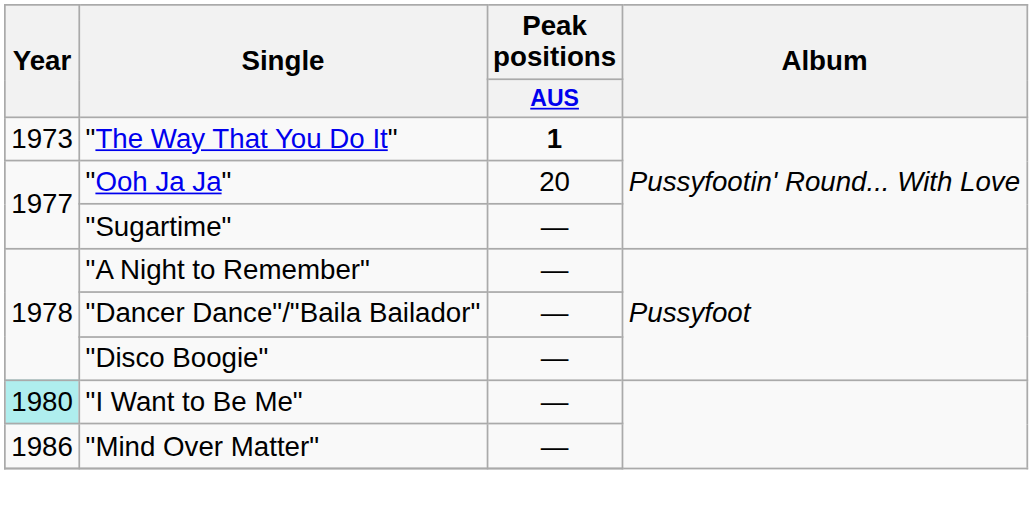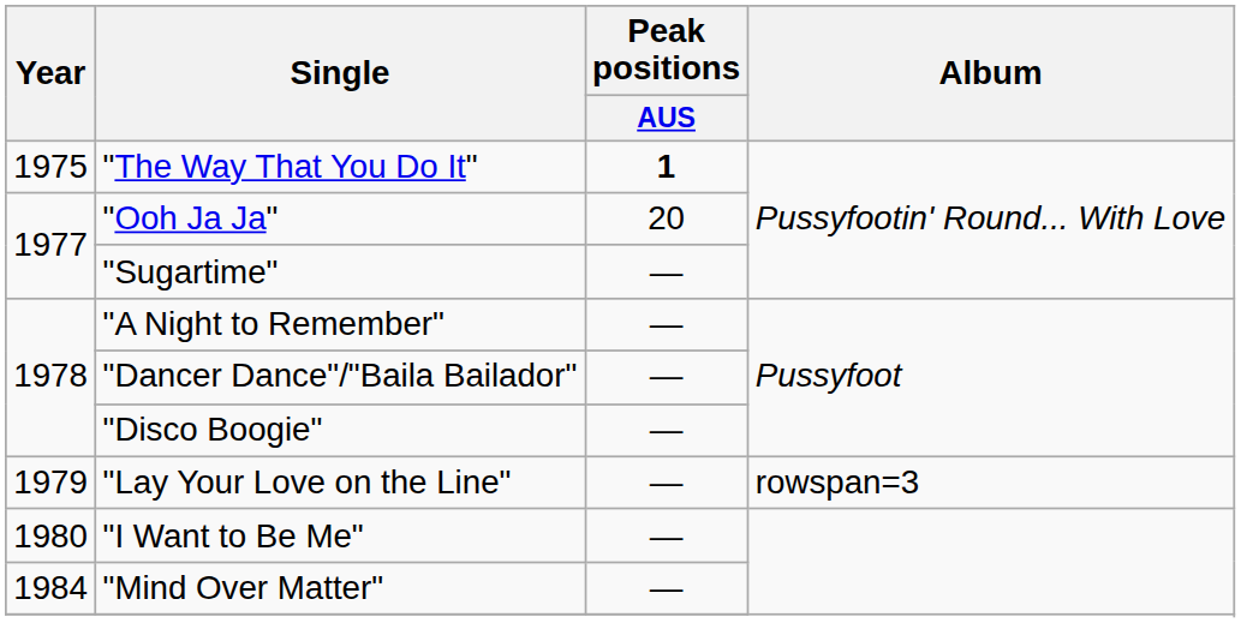 <table class="wikitable">
 <tr>
 <th rowspan="2">Year</th>
 <th rowspan="2">Single</th>
 <th colspan="1">Peak positions</th>
 <th rowspan="2">Album</th>
 </tr>
 <tr style="font-size:smaller;">
 <th width="40"><a href='#'>AUS</a></th>
 </tr>
 <tr>
-<td>1973</td>
+<td>1975</td>
 <td>"<a href='#'>The Way That You Do It</a>"</td>
 <td align="center"><strong>1</strong></td>
 <td rowspan=3><em>Pussyfootin' Round... With Love</em></td>
 </tr>
 <tr>
 <td rowspan=2>1977</td>
 <td>"<a href='#'>Ooh Ja Ja</a>"</td>
 <td align="center">20</td>
 </tr>
 <tr>
 <td>"Sugartime"</td>
 <td align="center">—</td>
 </tr>
 <tr>
 <td rowspan=3>1978</td>
 <td>"A Night to Remember"</td>
 <td align="center">—</td>
 <td rowspan=3><em>Pussyfoot</em></td>
 </tr>
 <tr>
 <td>"Dancer Dance"/"Baila Bailador"</td>
 <td align="center">—</td>
 </tr>
 <tr>
 <td>"Disco Boogie"</td>
 <td align="center">—</td>
 </tr>
 <tr>
-<td style="background: paleturquoise;">1980</td>
+<td>1979</td>
+<td>"Lay Your Love on the Line"</td>
+<td align="center">—</td>
+<td>rowspan=3 </td>
+</tr>
+<tr>
+<td>1980</td>
 <td>"I Want to Be Me"</td>
 <td align="center">—</td>
 </tr>
 <tr>
-<td>1986</td>
+<td>1984</td>
 <td>"Mind Over Matter"</td>
 <td align="center">—</td>
 </tr>
 <tr>
 </tr>
 </table>
